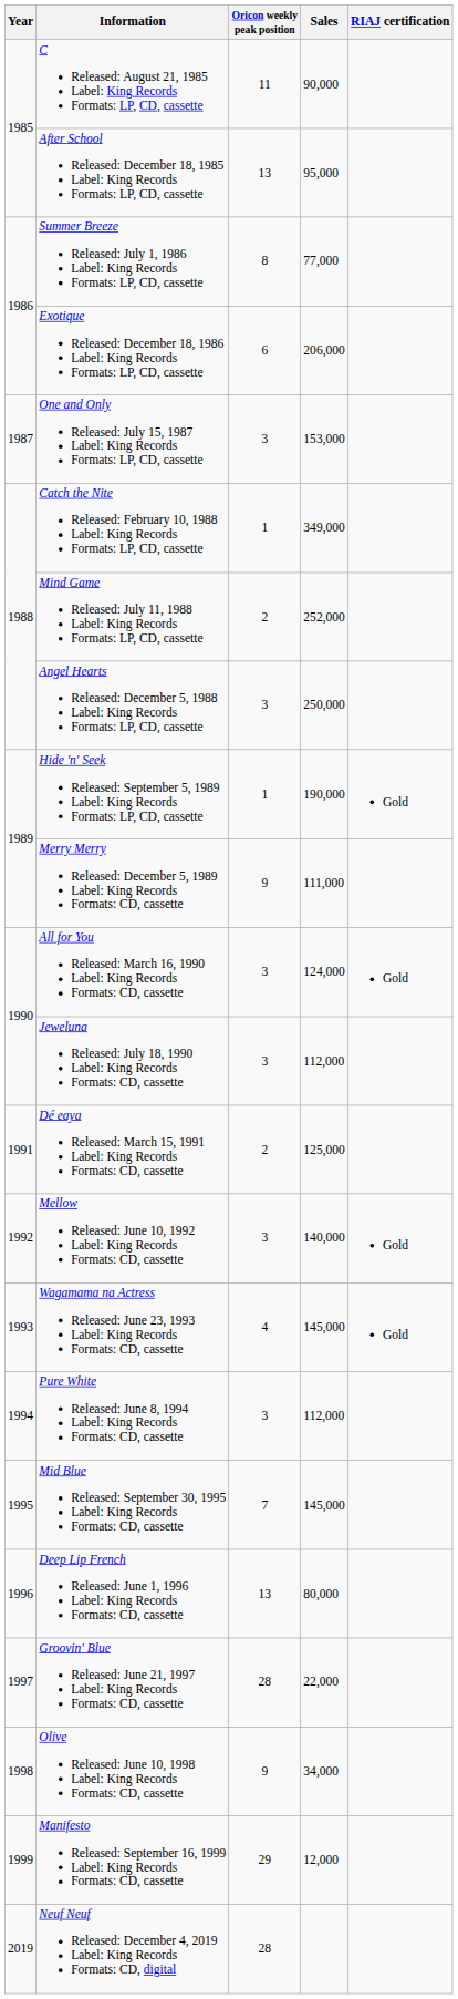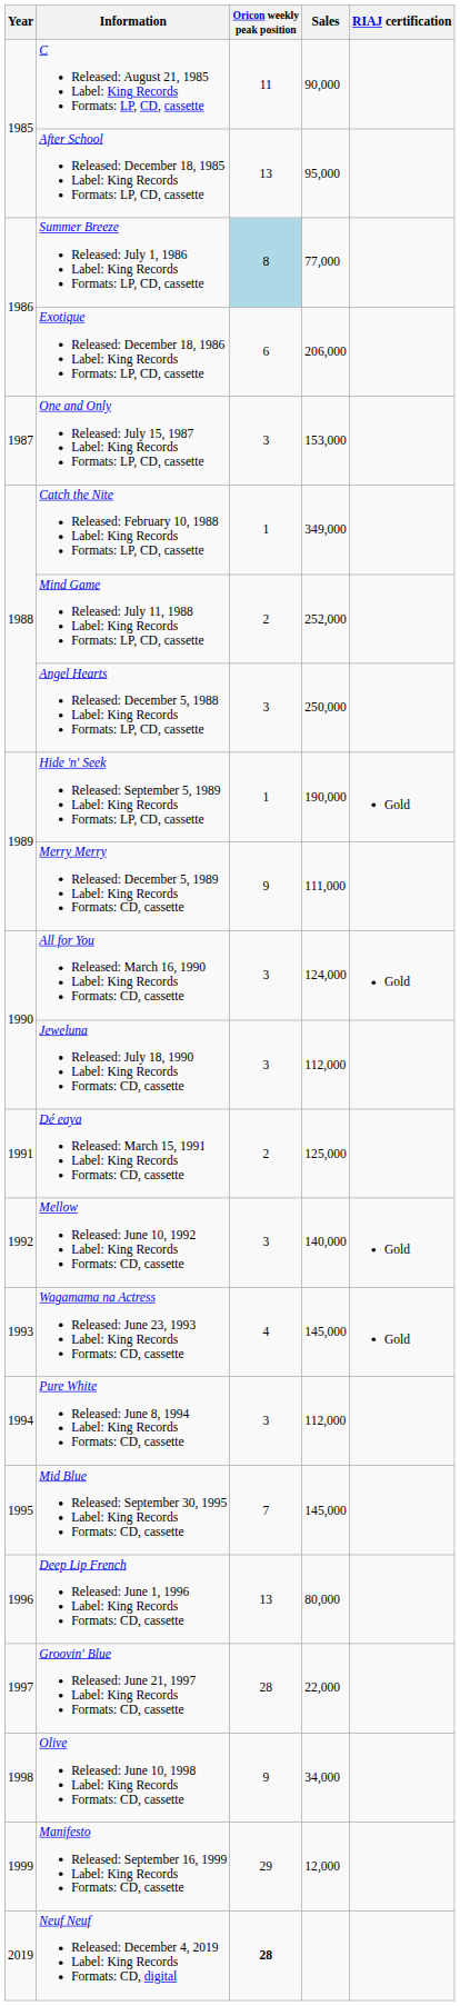 <table class="wikitable">
 <tr>
 <th>Year</th>
 <th>Information</th>
 <th><small><a href='#'>Oricon</a> weekly<br>peak position</small></th>
 <th>Sales<br></th>
 <th><a href='#'>RIAJ</a> certification</th>
 </tr>
 <tr>
 <td rowspan="2">1985</td>
 <td><em><a href='#'>C</a></em><br><ul><li>Released: August 21, 1985</li><li>Label: <a href='#'>King Records</a></li><li>Formats: <a href='#'>LP</a>, <a href='#'>CD</a>, <a href='#'>cassette</a></li></ul></td>
 <td style="text-align:center;">11</td>
 <td align="left">90,000</td>
 <td align="left"></td>
 </tr>
 <tr>
 <td><em><a href='#'>After School</a></em><br><ul><li>Released: December 18, 1985</li><li>Label: King Records</li><li>Formats: LP, CD, cassette</li></ul></td>
 <td style="text-align:center;">13</td>
 <td align="left">95,000</td>
 <td align="left"></td>
 </tr>
 <tr>
 <td rowspan="2">1986</td>
 <td><em><a href='#'>Summer Breeze</a></em><br><ul><li>Released: July 1, 1986</li><li>Label: King Records</li><li>Formats: LP, CD, cassette</li></ul></td>
-<td style="text-align:center;">8</td>
+<td style="background: lightblue; text-align:center;">8</td>
 <td align="left">77,000</td>
 <td align="left"></td>
 </tr>
 <tr>
 <td><em><a href='#'>Exotique</a></em><br><ul><li>Released: December 18, 1986</li><li>Label: King Records</li><li>Formats: LP, CD, cassette</li></ul></td>
 <td style="text-align:center;">6</td>
 <td align="left">206,000</td>
 <td align="left"></td>
 </tr>
 <tr>
 <td>1987</td>
 <td><em><a href='#'>One and Only</a></em><br><ul><li>Released: July 15, 1987</li><li>Label: King Records</li><li>Formats: LP, CD, cassette</li></ul></td>
 <td style="text-align:center;">3</td>
 <td align="left">153,000</td>
 <td align="left"></td>
 </tr>
 <tr>
 <td rowspan="3">1988</td>
 <td><em><a href='#'>Catch the Nite</a></em><br><ul><li>Released: February 10, 1988</li><li>Label: King Records</li><li>Formats: LP, CD, cassette</li></ul></td>
 <td style="text-align:center;">1</td>
 <td align="left">349,000</td>
 <td align="left"></td>
 </tr>
 <tr>
 <td><em><a href='#'>Mind Game</a></em><br><ul><li>Released: July 11, 1988</li><li>Label: King Records</li><li>Formats: LP, CD, cassette</li></ul></td>
 <td style="text-align:center;">2</td>
 <td align="left">252,000</td>
 <td align="left"></td>
 </tr>
 <tr>
 <td><em><a href='#'>Angel Hearts</a></em><br><ul><li>Released: December 5, 1988</li><li>Label: King Records</li><li>Formats: LP, CD, cassette</li></ul></td>
 <td style="text-align:center;">3</td>
 <td align="left">250,000</td>
 <td align="left"></td>
 </tr>
 <tr>
 <td rowspan="2">1989</td>
 <td><em><a href='#'>Hide 'n' Seek</a></em><br><ul><li>Released: September 5, 1989</li><li>Label: King Records</li><li>Formats: LP, CD, cassette</li></ul></td>
 <td style="text-align:center;">1</td>
 <td align="left">190,000</td>
 <td align="left"><br><ul><li>Gold</li></ul></td>
 </tr>
 <tr>
 <td><em><a href='#'>Merry Merry</a></em><br><ul><li>Released: December 5, 1989</li><li>Label: King Records</li><li>Formats: CD, cassette</li></ul></td>
 <td style="text-align:center;">9</td>
 <td align="left">111,000</td>
 <td align="left"></td>
 </tr>
 <tr>
 <td rowspan="2">1990</td>
 <td><em><a href='#'>All for You</a></em><br><ul><li>Released: March 16, 1990</li><li>Label: King Records</li><li>Formats: CD, cassette</li></ul></td>
 <td style="text-align:center;">3</td>
 <td align="left">124,000</td>
 <td align="left"><br><ul><li>Gold</li></ul></td>
 </tr>
 <tr>
 <td><em><a href='#'>Jeweluna</a></em><br><ul><li>Released: July 18, 1990</li><li>Label: King Records</li><li>Formats: CD, cassette</li></ul></td>
 <td style="text-align:center;">3</td>
 <td align="left">112,000</td>
 <td align="left"></td>
 </tr>
 <tr>
 <td>1991</td>
 <td><em><a href='#'>Dé eaya</a></em><br><ul><li>Released: March 15, 1991</li><li>Label: King Records</li><li>Formats: CD, cassette</li></ul></td>
 <td style="text-align:center;">2</td>
 <td align="left">125,000</td>
 <td align="left"></td>
 </tr>
 <tr>
 <td>1992</td>
 <td><em><a href='#'>Mellow</a></em><br><ul><li>Released: June 10, 1992</li><li>Label: King Records</li><li>Formats: CD, cassette</li></ul></td>
 <td style="text-align:center;">3</td>
 <td align="left">140,000</td>
 <td align="left"><br><ul><li>Gold</li></ul></td>
 </tr>
 <tr>
 <td>1993</td>
 <td><em><a href='#'>Wagamama na Actress</a></em><br><ul><li>Released: June 23, 1993</li><li>Label: King Records</li><li>Formats: CD, cassette</li></ul></td>
 <td style="text-align:center;">4</td>
 <td align="left">145,000</td>
 <td align="left"><br><ul><li>Gold</li></ul></td>
 </tr>
 <tr>
 <td>1994</td>
 <td><em><a href='#'>Pure White</a></em><br><ul><li>Released: June 8, 1994</li><li>Label: King Records</li><li>Formats: CD, cassette</li></ul></td>
 <td style="text-align:center;">3</td>
 <td align="left">112,000</td>
 <td align="left"></td>
 </tr>
 <tr>
 <td>1995</td>
 <td><em><a href='#'>Mid Blue</a></em><br><ul><li>Released: September 30, 1995</li><li>Label: King Records</li><li>Formats: CD, cassette</li></ul></td>
 <td style="text-align:center;">7</td>
 <td align="left">145,000</td>
 <td align="left"></td>
 </tr>
 <tr>
 <td>1996</td>
 <td><em><a href='#'>Deep Lip French</a></em><br><ul><li>Released: June 1, 1996</li><li>Label: King Records</li><li>Formats: CD, cassette</li></ul></td>
 <td style="text-align:center;">13</td>
 <td align="left">80,000</td>
 <td align="left"></td>
 </tr>
 <tr>
 <td>1997</td>
 <td><em><a href='#'>Groovin' Blue</a></em><br><ul><li>Released: June 21, 1997</li><li>Label: King Records</li><li>Formats: CD, cassette</li></ul></td>
 <td style="text-align:center;">28</td>
 <td align="left">22,000</td>
 <td align="left"></td>
 </tr>
 <tr>
 <td>1998</td>
 <td><em><a href='#'>Olive</a></em><br><ul><li>Released: June 10, 1998</li><li>Label: King Records</li><li>Formats: CD, cassette</li></ul></td>
 <td style="text-align:center;">9</td>
 <td align="left">34,000</td>
 <td align="left"></td>
 </tr>
 <tr>
 <td>1999</td>
 <td><em><a href='#'>Manifesto</a></em><br><ul><li>Released: September 16, 1999</li><li>Label: King Records</li><li>Formats: CD, cassette</li></ul></td>
 <td style="text-align:center;">29</td>
 <td align="left">12,000</td>
 <td align="left"></td>
 </tr>
 <tr>
 <td>2019</td>
 <td><em><a href='#'>Neuf Neuf</a></em><br><ul><li>Released: December 4, 2019</li><li>Label: King Records</li><li>Formats: CD, <a href='#'>digital</a></li></ul></td>
-<td style="text-align:center;">28</td>
+<td style="text-align:center;"><strong>28</strong></td>
 <td align="left"></td>
 <td align="left"></td>
 </tr>
 </table>
